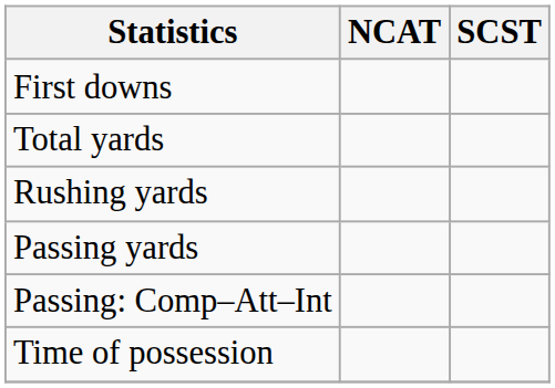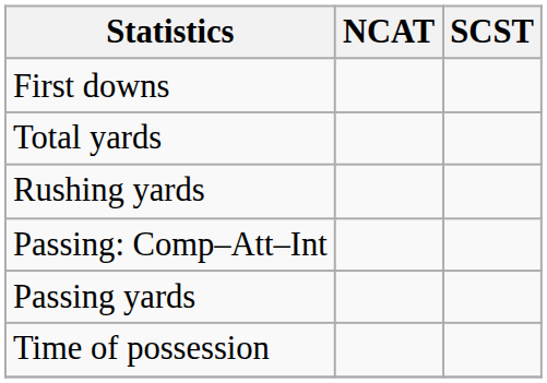 <table class="wikitable" style="float: left;">
 <tr>
 <th>Statistics</th>
 <th>NCAT</th>
 <th>SCST</th>
 </tr>
 <tr>
 <td>First downs</td>
 <td></td>
 <td></td>
 </tr>
 <tr>
 <td>Total yards</td>
 <td></td>
 <td></td>
 </tr>
 <tr>
 <td>Rushing yards</td>
 <td></td>
 <td></td>
 </tr>
 <tr>
-<td>Passing yards</td>
+<td>Passing: Comp–Att–Int</td>
 <td></td>
 <td></td>
 </tr>
 <tr>
-<td>Passing: Comp–Att–Int</td>
+<td>Passing yards</td>
 <td></td>
 <td></td>
 </tr>
 <tr>
 <td>Time of possession</td>
 <td></td>
 <td></td>
 </tr>
 <tr>
 </tr>
 </table>
